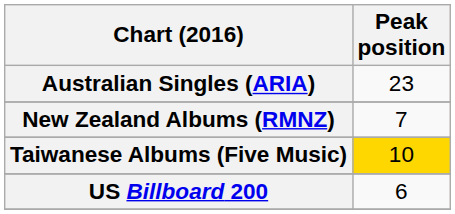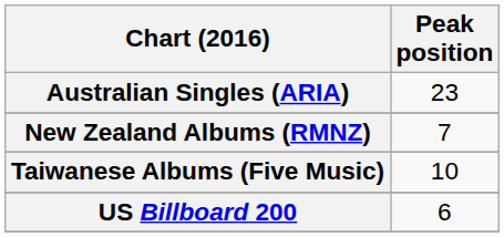 <table class="wikitable sortable plainrowheaders" style="text-align:center">
 <tr>
 <th scope="col">Chart (2016)</th>
 <th scope="col">Peak<br> position</th>
 </tr>
 <tr>
 <th scope="row">Australian Singles (<a href='#'>ARIA</a>)</th>
 <td>23</td>
 </tr>
 <tr>
 </tr>
 <tr>
 </tr>
 <tr>
 <th scope="row">New Zealand Albums (<a href='#'>RMNZ</a>)</th>
 <td>7</td>
 </tr>
 <tr>
 </tr>
 <tr>
 <th scope="row">Taiwanese Albums (Five Music)</th>
-<td style="background: gold;">10</td>
+<td>10</td>
 </tr>
 <tr>
 </tr>
 <tr>
 <th scope="row">US <a href='#'><em>Billboard</em> 200</a></th>
 <td>6</td>
 </tr>
 <tr>
 </tr>
 </table>
